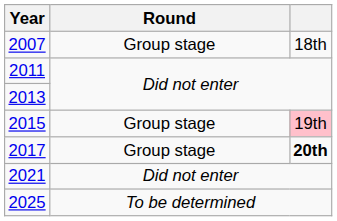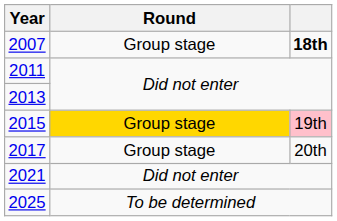 <table class="wikitable" style="text-align: center; font-size:90%">
 <tr>
 <th>Year</th>
 <th style="width:200px">Round</th>
 <th></th>
 </tr>
 <tr>
 <td><a href='#'>2007</a></td>
 <td>Group stage</td>
-<td>18th</td>
+<td><strong>18th</strong></td>
 </tr>
 <tr>
 <td><a href='#'>2011</a></td>
 <td colspan="2" rowspan="2"><em>Did not enter</em></td>
 </tr>
 <tr>
 <td><a href='#'>2013</a></td>
 </tr>
 <tr>
 <td><a href='#'>2015</a></td>
-<td>Group stage</td>
+<td style="background: gold;">Group stage</td>
 <td style="background: pink;">19th</td>
 </tr>
 <tr>
 <td><a href='#'>2017</a></td>
 <td>Group stage</td>
-<td><strong>20th</strong></td>
+<td>20th</td>
 </tr>
 <tr>
 <td><a href='#'>2021</a></td>
 <td colspan="2"><em>Did not enter</em></td>
 </tr>
 <tr>
 <td><a href='#'>2025</a></td>
 <td colspan="2"><em>To be determined</em></td>
 </tr>
 </table>
